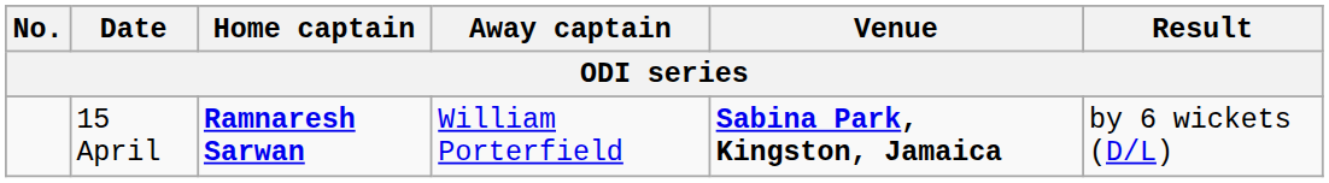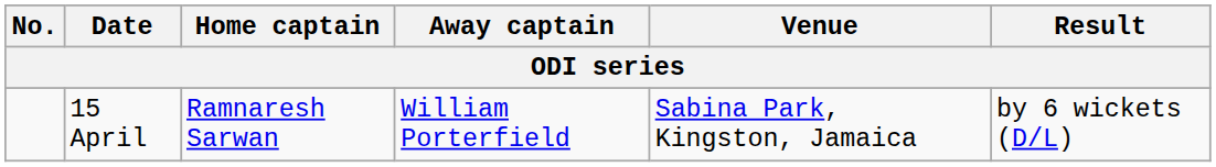 <table class="wikitable">
 <tr>
 <th>No.</th>
 <th>Date</th>
 <th>Home captain</th>
 <th>Away captain</th>
 <th>Venue</th>
 <th>Result</th>
 </tr>
 <tr>
 <th colspan="9">ODI series</th>
 </tr>
 <tr>
 <td></td>
 <td>15 April</td>
-<td><strong><a href='#'>Ramnaresh Sarwan</a></strong></td>
+<td><a href='#'>Ramnaresh Sarwan</a></td>
 <td><a href='#'>William Porterfield</a></td>
-<td><strong><a href='#'>Sabina Park</a>, Kingston, Jamaica</strong></td>
+<td><a href='#'>Sabina Park</a>, Kingston, Jamaica</td>
 <td> by 6 wickets (<a href='#'>D/L</a>)</td>
 </tr>
 </table>
